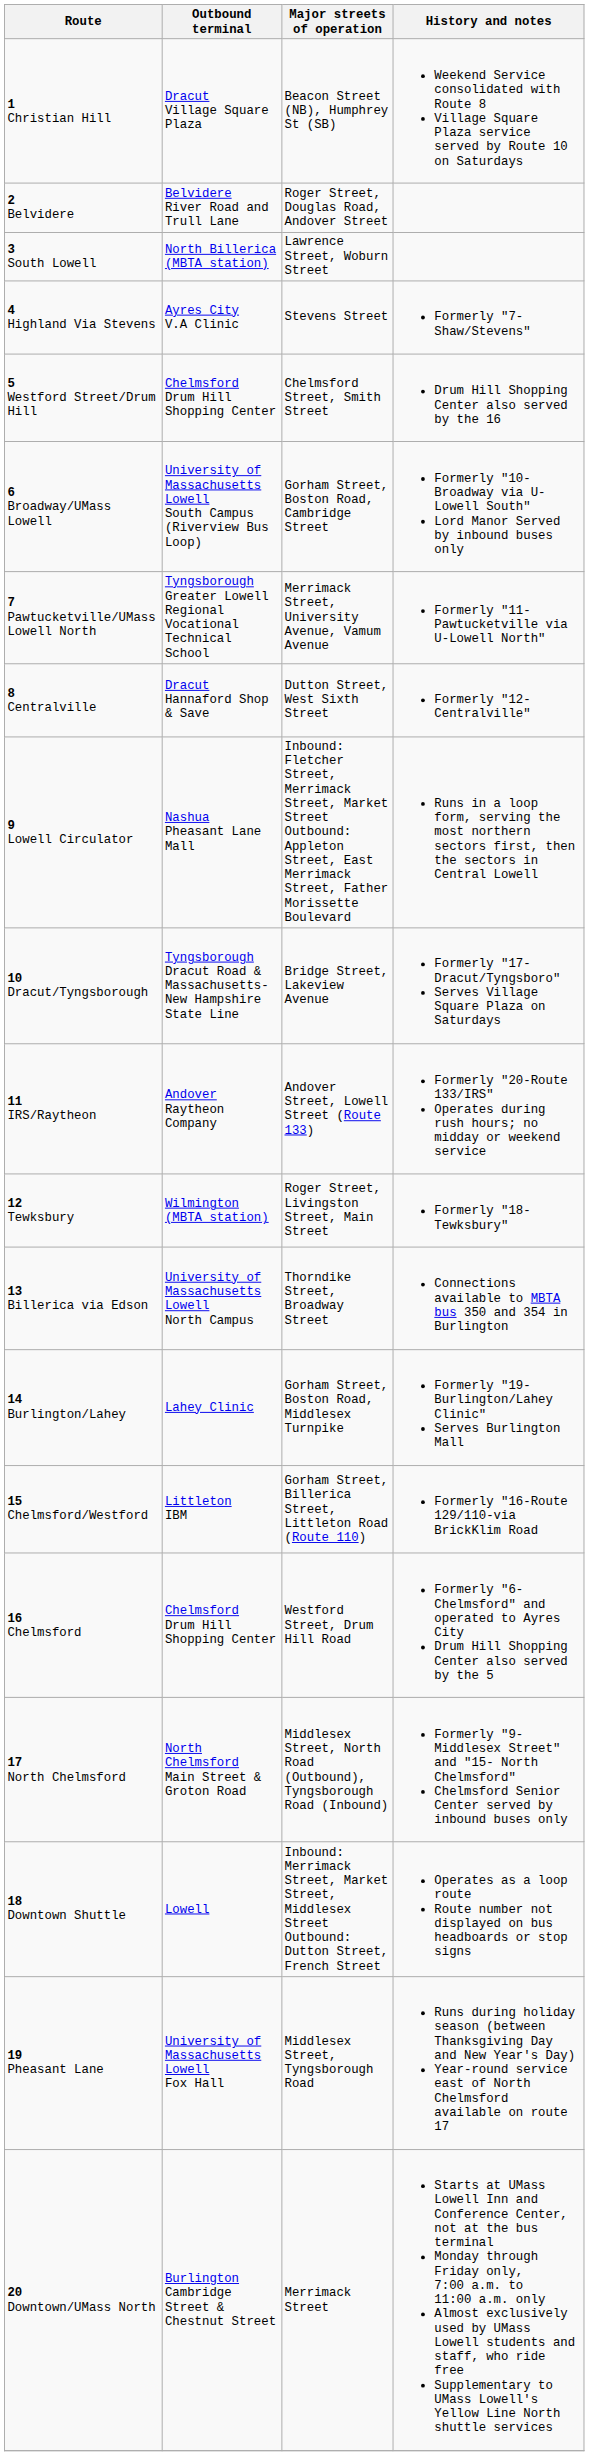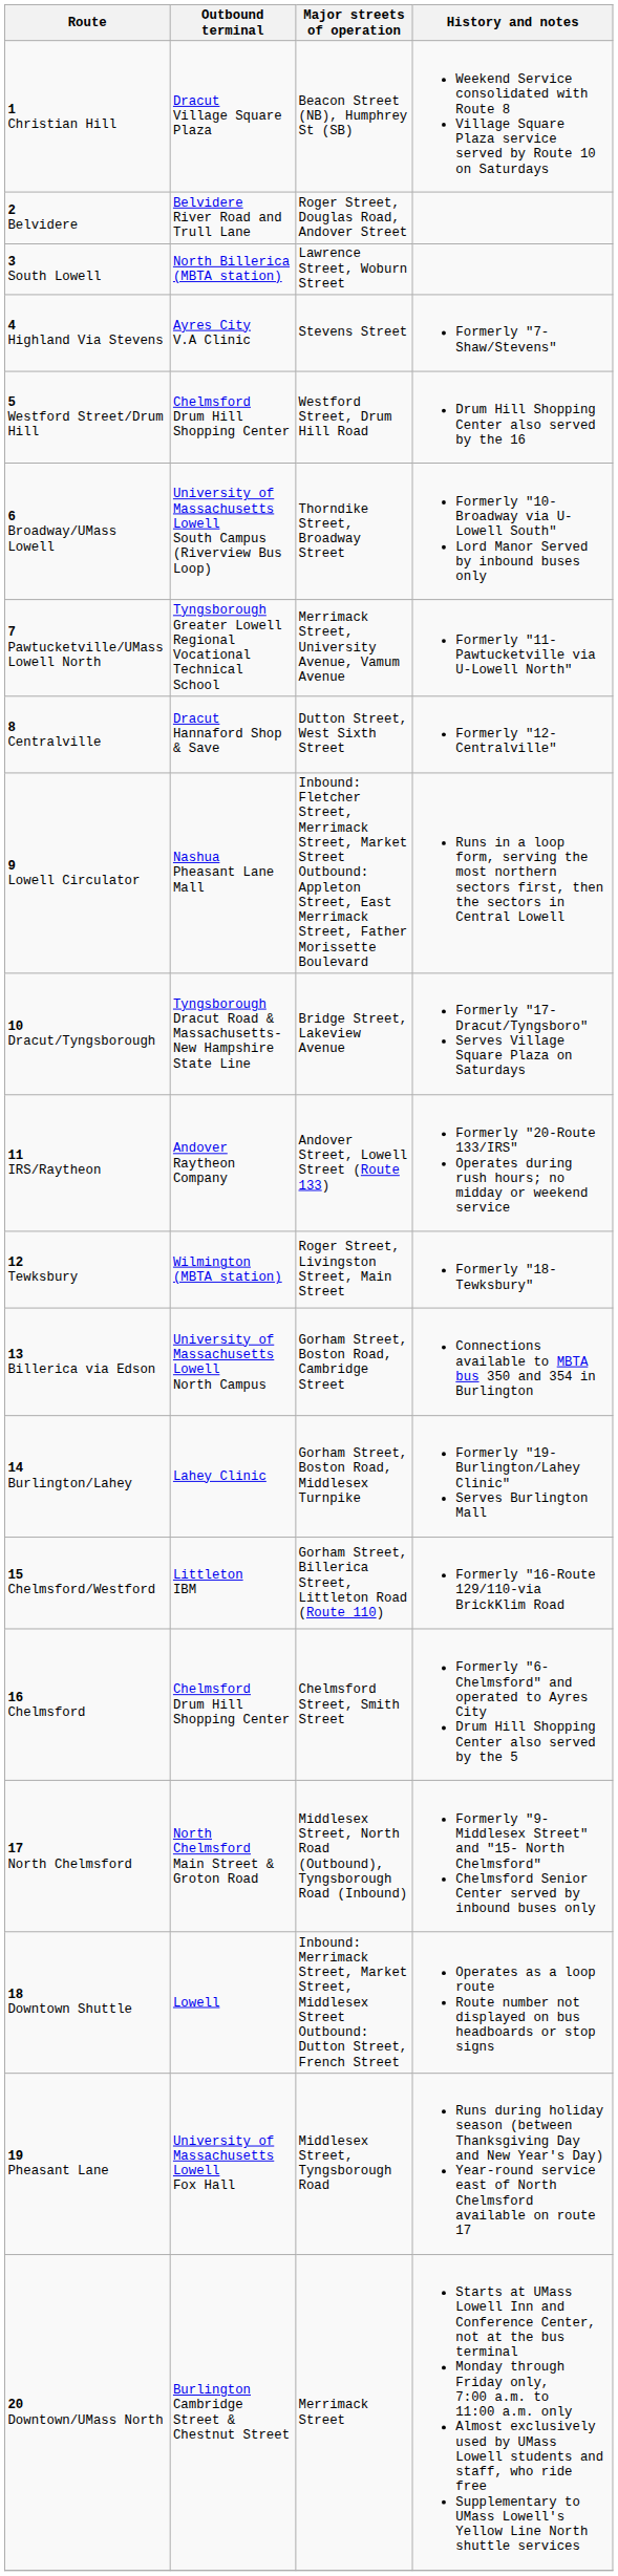 <table class="wikitable">
 <tr>
 <th>Route</th>
 <th>Outbound terminal</th>
 <th>Major streets of operation</th>
 <th>History and notes</th>
 </tr>
 <tr>
 <td><strong>1</strong><br>Christian Hill</td>
 <td><a href='#'>Dracut</a><br> Village Square Plaza</td>
 <td>Beacon Street (NB), Humphrey St (SB)</td>
 <td><br><ul><li>Weekend Service consolidated with Route 8</li><li>Village Square Plaza service served by Route 10 on Saturdays</li></ul></td>
 </tr>
 <tr>
 <td><strong>2</strong><br>Belvidere</td>
 <td><a href='#'>Belvidere</a><br> River Road and Trull Lane</td>
 <td>Roger Street, Douglas Road, Andover Street</td>
 <td></td>
 </tr>
 <tr>
 <td><strong>3</strong><br>South Lowell</td>
 <td><a href='#'>North Billerica (MBTA station)</a></td>
 <td>Lawrence Street, Woburn Street</td>
 <td></td>
 </tr>
 <tr>
 <td><strong>4</strong><br>Highland Via Stevens</td>
 <td><a href='#'>Ayres City</a><br> V.A Clinic</td>
 <td>Stevens Street</td>
 <td><br><ul><li>Formerly "7-Shaw/Stevens"</li></ul></td>
 </tr>
 <tr>
 <td><strong>5</strong><br>Westford Street/Drum Hill</td>
 <td><a href='#'>Chelmsford</a><br> Drum Hill Shopping Center</td>
-<td>Chelmsford Street, Smith Street</td>
+<td>Westford Street, Drum Hill Road</td>
 <td><br><ul><li>Drum Hill Shopping Center also served by the 16</li></ul></td>
 </tr>
 <tr>
 <td><strong>6</strong><br>Broadway/UMass Lowell</td>
 <td><a href='#'>University of Massachusetts Lowell</a><br> South Campus (Riverview Bus Loop)</td>
-<td>Gorham Street, Boston Road, Cambridge Street</td>
+<td>Thorndike Street, Broadway Street</td>
 <td><br><ul><li>Formerly "10-Broadway via U-Lowell South"</li><li>Lord Manor Served by inbound buses only</li></ul></td>
 </tr>
 <tr>
 <td><strong>7</strong><br>Pawtucketville/UMass Lowell North</td>
 <td><a href='#'>Tyngsborough</a><br> Greater Lowell Regional Vocational Technical School</td>
 <td>Merrimack Street, University Avenue, Vamum Avenue</td>
 <td><br><ul><li>Formerly "11-Pawtucketville via U-Lowell North"</li></ul></td>
 </tr>
 <tr>
 <td><strong>8</strong><br>Centralville</td>
 <td><a href='#'>Dracut</a><br> Hannaford Shop & Save</td>
 <td>Dutton Street, West Sixth Street</td>
 <td><br><ul><li>Formerly "12-Centralville"</li></ul></td>
 </tr>
 <tr>
 <td><strong>9</strong><br>Lowell Circulator</td>
 <td><a href='#'>Nashua</a><br> Pheasant Lane Mall</td>
 <td>Inbound: Fletcher Street, Merrimack Street, Market Street<br> Outbound: Appleton Street, East Merrimack Street, Father Morissette Boulevard</td>
 <td><br><ul><li>Runs in a loop form, serving the most northern sectors first, then the sectors in Central Lowell</li></ul></td>
 </tr>
 <tr>
 <td><strong>10</strong><br>Dracut/Tyngsborough</td>
 <td><a href='#'>Tyngsborough</a><br> Dracut Road & Massachusetts-New Hampshire State Line</td>
 <td>Bridge Street, Lakeview Avenue</td>
 <td><br><ul><li>Formerly "17-Dracut/Tyngsboro"</li><li>Serves Village Square Plaza on Saturdays</li></ul></td>
 </tr>
 <tr>
 <td><strong>11</strong><br>IRS/Raytheon</td>
 <td><a href='#'>Andover</a><br> Raytheon Company</td>
 <td>Andover Street, Lowell Street (<a href='#'>Route 133</a>)</td>
 <td><br><ul><li>Formerly "20-Route 133/IRS"</li><li>Operates during rush hours; no midday or weekend service</li></ul></td>
 </tr>
 <tr>
 <td><strong>12</strong><br>Tewksbury</td>
 <td><a href='#'>Wilmington (MBTA station)</a></td>
 <td>Roger Street, Livingston Street, Main Street</td>
 <td><br><ul><li>Formerly "18-Tewksbury"</li></ul></td>
 </tr>
 <tr>
 <td><strong>13</strong><br>Billerica via Edson</td>
 <td><a href='#'>University of Massachusetts Lowell</a><br> North Campus</td>
-<td>Thorndike Street, Broadway Street</td>
+<td>Gorham Street, Boston Road, Cambridge Street</td>
 <td><br><ul><li>Connections available to <a href='#'>MBTA bus</a> 350 and 354 in Burlington</li></ul></td>
 </tr>
 <tr>
 <td><strong>14</strong><br>Burlington/Lahey</td>
 <td><a href='#'>Lahey Clinic</a></td>
 <td>Gorham Street, Boston Road, Middlesex Turnpike</td>
 <td><br><ul><li>Formerly "19-Burlington/Lahey Clinic"</li><li>Serves Burlington Mall</li></ul></td>
 </tr>
 <tr>
 <td><strong>15</strong><br>Chelmsford/Westford</td>
 <td><a href='#'>Littleton</a><br> IBM</td>
 <td>Gorham Street, Billerica Street, Littleton Road (<a href='#'>Route 110</a>)</td>
 <td><br><ul><li>Formerly "16-Route 129/110-via BrickKlim Road</li></ul></td>
 </tr>
 <tr>
 <td><strong>16</strong><br>Chelmsford</td>
 <td><a href='#'>Chelmsford</a><br> Drum Hill Shopping Center</td>
-<td>Westford Street, Drum Hill Road</td>
+<td>Chelmsford Street, Smith Street</td>
 <td><br><ul><li>Formerly "6- Chelmsford" and operated to Ayres City</li><li>Drum Hill Shopping Center also served by the 5</li></ul></td>
 </tr>
 <tr>
 <td><strong>17</strong><br>North Chelmsford</td>
 <td><a href='#'>North Chelmsford</a><br> Main Street & Groton Road</td>
 <td>Middlesex Street, North Road (Outbound), Tyngsborough Road (Inbound)</td>
 <td><br><ul><li>Formerly "9-Middlesex Street" and "15- North Chelmsford"</li><li>Chelmsford Senior Center served by inbound buses only</li></ul></td>
 </tr>
 <tr>
 <td><strong>18</strong><br>Downtown Shuttle</td>
 <td><a href='#'>Lowell</a></td>
 <td>Inbound: Merrimack Street, Market Street, Middlesex Street<br>Outbound: Dutton Street, French Street</td>
 <td><br><ul><li>Operates as a loop route</li><li>Route number not displayed on bus headboards or stop signs</li></ul></td>
 </tr>
 <tr>
 <td><strong>19</strong><br>Pheasant Lane</td>
 <td><a href='#'>University of Massachusetts Lowell</a><br>Fox Hall</td>
 <td>Middlesex Street, Tyngsborough Road</td>
 <td><br><ul><li>Runs during holiday season (between Thanksgiving Day and New Year's Day)</li><li>Year-round service east of North Chelmsford available on route 17</li></ul></td>
 </tr>
 <tr>
 <td><strong>20</strong><br>Downtown/UMass North</td>
 <td><a href='#'>Burlington</a><br>Cambridge Street & Chestnut Street</td>
 <td>Merrimack Street</td>
 <td><br><ul><li>Starts at UMass Lowell Inn and Conference Center, not at the bus terminal</li><li>Monday through Friday only, 7:00 a.m. to 11:00 a.m. only</li><li>Almost exclusively used by UMass Lowell students and staff, who ride free</li><li>Supplementary to UMass Lowell's Yellow Line North shuttle services</li></ul></td>
 </tr>
 <tr>
 </tr>
 </table>
